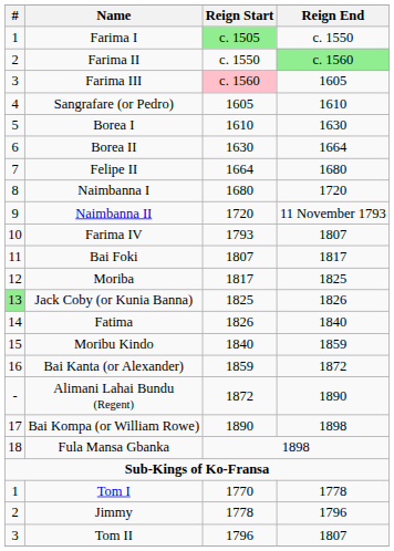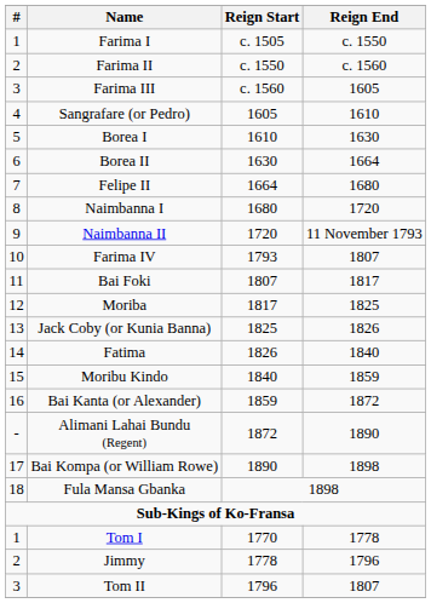 <table class="wikitable" style="text-align:center">
 <tr style="background:#cccccc">
 </tr>
 <tr>
 <th>#</th>
 <th>Name</th>
 <th>Reign Start</th>
 <th>Reign End</th>
 </tr>
 <tr>
 <td>1</td>
 <td>Farima I</td>
-<td style="background: lightgreen;">c. 1505</td>
+<td>c. 1505</td>
 <td>c. 1550</td>
 </tr>
 <tr>
 <td>2</td>
 <td>Farima II</td>
 <td>c. 1550</td>
-<td style="background: lightgreen;">c. 1560</td>
+<td>c. 1560</td>
 </tr>
 <tr>
 <td>3</td>
 <td>Farima III</td>
-<td style="background: pink;">c. 1560</td>
+<td>c. 1560</td>
 <td>1605</td>
 </tr>
 <tr>
 <td>4</td>
 <td>Sangrafare (or Pedro)</td>
 <td>1605</td>
 <td>1610</td>
 </tr>
 <tr>
 <td>5</td>
 <td>Borea I</td>
 <td>1610</td>
 <td>1630</td>
 </tr>
 <tr>
 <td>6</td>
 <td>Borea II</td>
 <td>1630</td>
 <td>1664</td>
 </tr>
 <tr>
 <td>7</td>
 <td>Felipe II</td>
 <td>1664</td>
 <td>1680</td>
 </tr>
 <tr>
 <td>8</td>
 <td>Naimbanna I</td>
 <td>1680</td>
 <td>1720</td>
 </tr>
 <tr>
 <td>9</td>
 <td><a href='#'>Naimbanna II</a></td>
 <td>1720</td>
 <td>11 November 1793<br></td>
 </tr>
 <tr>
 <td>10</td>
 <td>Farima IV</td>
 <td>1793</td>
 <td>1807</td>
 </tr>
 <tr>
 <td>11</td>
 <td>Bai Foki</td>
 <td>1807</td>
 <td>1817</td>
 </tr>
 <tr>
 <td>12</td>
 <td>Moriba</td>
 <td>1817</td>
 <td>1825</td>
 </tr>
 <tr>
-<td style="background: lightgreen;">13</td>
+<td>13</td>
 <td>Jack Coby (or Kunia Banna)</td>
 <td>1825</td>
 <td>1826</td>
 </tr>
 <tr>
 <td>14</td>
 <td>Fatima</td>
 <td>1826</td>
 <td>1840</td>
 </tr>
 <tr>
 <td>15</td>
 <td>Moribu Kindo</td>
 <td>1840</td>
 <td>1859</td>
 </tr>
 <tr>
 <td>16</td>
 <td>Bai Kanta (or Alexander)</td>
 <td>1859</td>
 <td>1872</td>
 </tr>
 <tr>
 <td>-</td>
 <td>Alimani Lahai Bundu<br><small>(Regent)</small></td>
 <td>1872</td>
 <td>1890</td>
 </tr>
 <tr>
 <td>17</td>
 <td>Bai Kompa (or William Rowe)</td>
 <td>1890</td>
 <td>1898</td>
 </tr>
 <tr>
 <td>18</td>
 <td>Fula Mansa Gbanka</td>
 <td colspan=2>1898</td>
 </tr>
 <tr>
 <td colspan=4><strong>Sub-Kings of Ko-Fransa</strong></td>
 </tr>
 <tr>
 <td>1</td>
 <td><a href='#'>Tom I</a></td>
 <td>1770</td>
 <td>1778</td>
 </tr>
 <tr>
 <td>2</td>
 <td>Jimmy</td>
 <td>1778</td>
 <td>1796</td>
 </tr>
 <tr>
 <td>3</td>
 <td>Tom II</td>
 <td>1796</td>
 <td>1807</td>
 </tr>
 <tr>
 </tr>
 </table>
